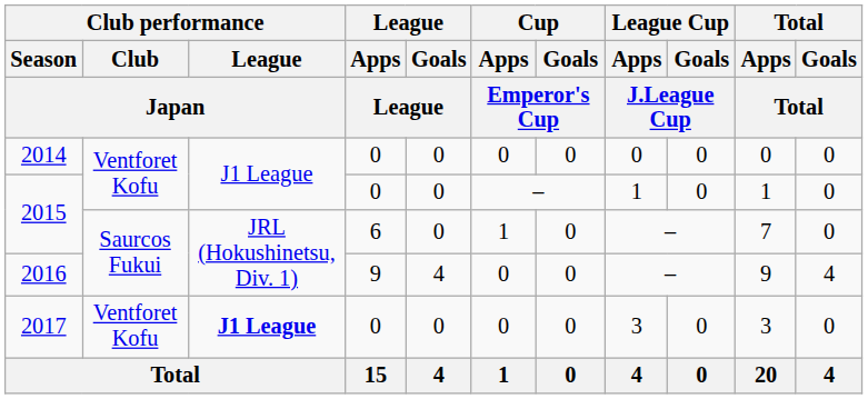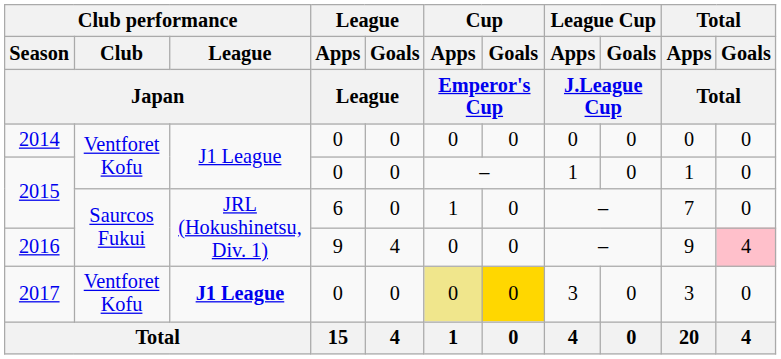 <table class="wikitable" style="text-align:center;">
 <tr>
 <th colspan=3>Club performance</th>
 <th colspan=2>League</th>
 <th colspan=2>Cup</th>
 <th colspan=2>League Cup</th>
 <th colspan=2>Total</th>
 </tr>
 <tr>
 <th>Season</th>
 <th>Club</th>
 <th>League</th>
 <th>Apps</th>
 <th>Goals</th>
 <th>Apps</th>
 <th>Goals</th>
 <th>Apps</th>
 <th>Goals</th>
 <th>Apps</th>
 <th>Goals</th>
 </tr>
 <tr>
 <th colspan=3>Japan</th>
 <th colspan=2>League</th>
 <th colspan=2><a href='#'>Emperor's Cup</a></th>
 <th colspan=2><a href='#'>J.League Cup</a></th>
 <th colspan=2>Total</th>
 </tr>
 <tr>
 <td><a href='#'>2014</a></td>
 <td rowspan="2"><a href='#'>Ventforet Kofu</a></td>
 <td rowspan="2"><a href='#'>J1 League</a></td>
 <td>0</td>
 <td>0</td>
 <td>0</td>
 <td>0</td>
 <td>0</td>
 <td>0</td>
 <td>0</td>
 <td>0</td>
 </tr>
 <tr>
 <td rowspan="2"><a href='#'>2015</a></td>
 <td>0</td>
 <td>0</td>
 <td colspan="2">–</td>
 <td>1</td>
 <td>0</td>
 <td>1</td>
 <td>0</td>
 </tr>
 <tr>
 <td rowspan="2"><a href='#'>Saurcos Fukui</a></td>
 <td rowspan="2"><a href='#'>JRL (Hokushinetsu,<br>Div. 1)</a></td>
 <td>6</td>
 <td>0</td>
 <td>1</td>
 <td>0</td>
 <td colspan="2">–</td>
 <td>7</td>
 <td>0</td>
 </tr>
 <tr>
 <td><a href='#'>2016</a></td>
 <td>9</td>
 <td>4</td>
 <td>0</td>
 <td>0</td>
 <td colspan="2">–</td>
 <td>9</td>
-<td>4</td>
+<td style="background: pink;">4</td>
 </tr>
 <tr>
 <td><a href='#'>2017</a></td>
 <td><a href='#'>Ventforet Kofu</a></td>
 <td><strong><a href='#'>J1 League</a></strong></td>
 <td>0</td>
 <td>0</td>
-<td>0</td>
-<td>0</td>
+<td style="background: khaki;">0</td>
+<td style="background: gold;">0</td>
 <td>3</td>
 <td>0</td>
 <td>3</td>
 <td>0</td>
 </tr>
 <tr>
 <th colspan=3>Total</th>
 <th>15</th>
 <th>4</th>
 <th>1</th>
 <th>0</th>
 <th>4</th>
 <th>0</th>
 <th>20</th>
 <th>4</th>
 </tr>
 </table>
